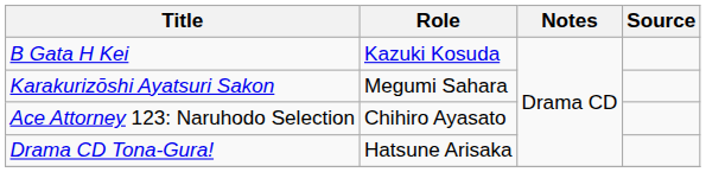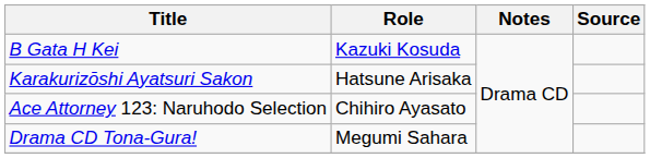 <table class="wikitable sortable plainrowheaders">
 <tr>
 <th>Title</th>
 <th>Role</th>
 <th class="unsortable">Notes</th>
 <th class="unsortable">Source</th>
 </tr>
 <tr>
 <td><em><a href='#'>B Gata H Kei</a></em></td>
 <td><a href='#'>Kazuki Kosuda</a></td>
 <td rowspan="4">Drama CD</td>
 <td></td>
 </tr>
 <tr>
 <td><em><a href='#'>Karakurizōshi Ayatsuri Sakon</a></em></td>
-<td>Megumi Sahara</td>
+<td>Hatsune Arisaka</td>
 <td></td>
 </tr>
 <tr>
 <td><em><a href='#'>Ace Attorney</a></em> 123: Naruhodo Selection</td>
 <td>Chihiro Ayasato</td>
 <td></td>
 </tr>
 <tr>
 <td><em><a href='#'>Drama CD Tona-Gura!</a></em></td>
-<td>Hatsune Arisaka</td>
+<td>Megumi Sahara</td>
 <td></td>
 </tr>
 <tr>
 </tr>
 </table>
